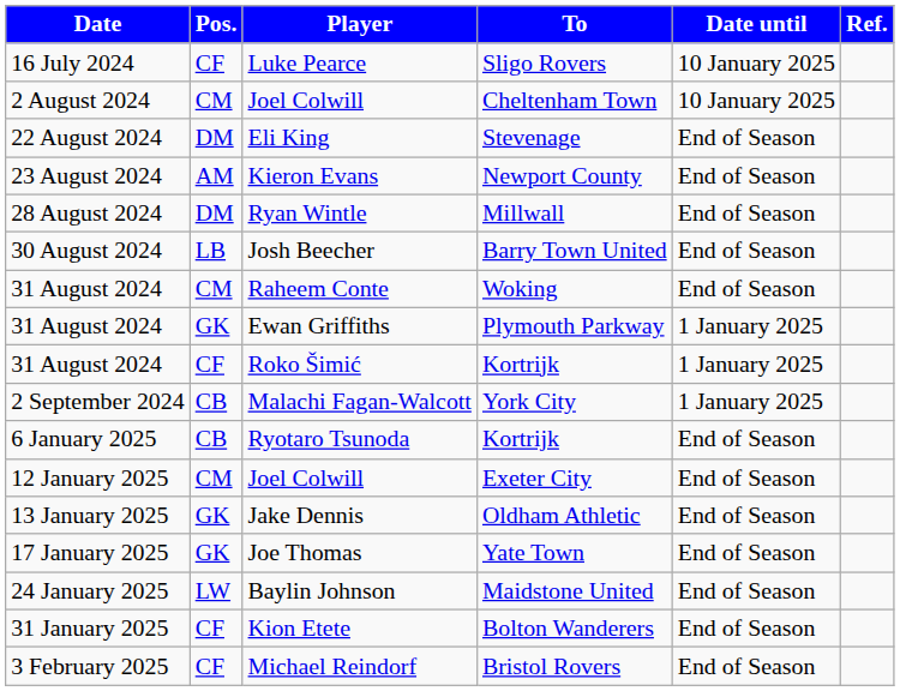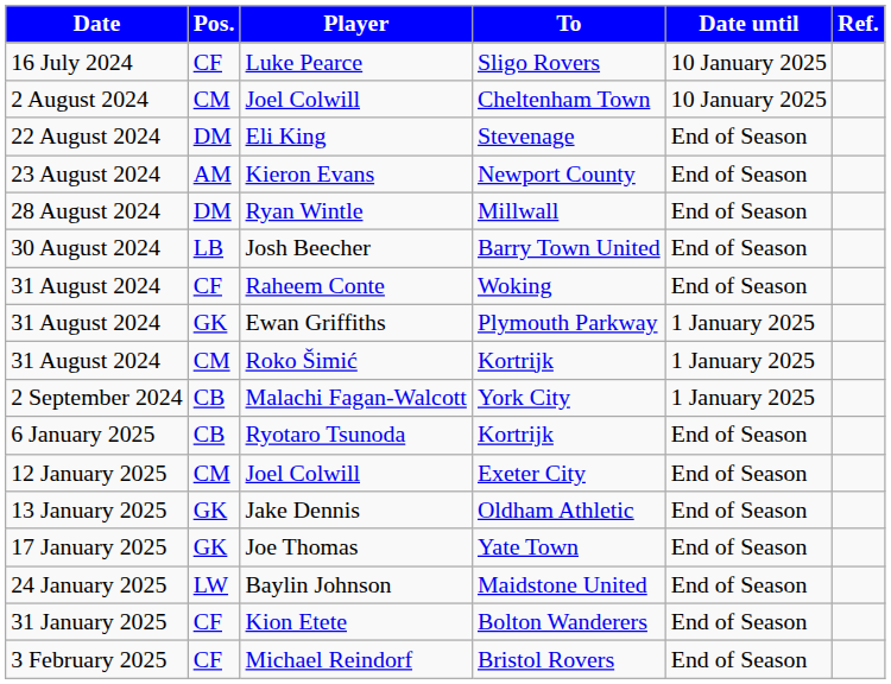 <table class="wikitable plainrowheaders sortable">
 <tr>
 <th style="background: blue; color: white; ">Date</th>
 <th style="background: blue; color: white; ">Pos.</th>
 <th style="background: blue; color: white; ">Player</th>
 <th style="background: blue; color: white; ">To</th>
 <th style="background: blue; color: white; ">Date until</th>
 <th style="background: blue; color: white; ">Ref.</th>
 </tr>
 <tr>
 <td>16 July 2024</td>
 <td><a href='#'>CF</a></td>
 <td> <a href='#'>Luke Pearce</a></td>
 <td> <a href='#'>Sligo Rovers</a></td>
 <td>10 January 2025</td>
 <td></td>
 </tr>
 <tr>
 <td>2 August 2024</td>
 <td><a href='#'>CM</a></td>
 <td> <a href='#'>Joel Colwill</a></td>
 <td> <a href='#'>Cheltenham Town</a></td>
 <td>10 January 2025</td>
 <td></td>
 </tr>
 <tr>
 <td>22 August 2024</td>
 <td><a href='#'>DM</a></td>
 <td> <a href='#'>Eli King</a></td>
 <td> <a href='#'>Stevenage</a></td>
 <td>End of Season</td>
 <td></td>
 </tr>
 <tr>
 <td>23 August 2024</td>
 <td><a href='#'>AM</a></td>
 <td> <a href='#'>Kieron Evans</a></td>
 <td> <a href='#'>Newport County</a></td>
 <td>End of Season</td>
 <td></td>
 </tr>
 <tr>
 <td>28 August 2024</td>
 <td><a href='#'>DM</a></td>
 <td> <a href='#'>Ryan Wintle</a></td>
 <td> <a href='#'>Millwall</a></td>
 <td>End of Season</td>
 <td></td>
 </tr>
 <tr>
 <td>30 August 2024</td>
 <td><a href='#'>LB</a></td>
 <td> Josh Beecher</td>
 <td> <a href='#'>Barry Town United</a></td>
 <td>End of Season</td>
 <td></td>
 </tr>
 <tr>
 <td>31 August 2024</td>
-<td><a href='#'>CM</a></td>
+<td><a href='#'>CF</a></td>
 <td> <a href='#'>Raheem Conte</a></td>
 <td> <a href='#'>Woking</a></td>
 <td>End of Season</td>
 <td></td>
 </tr>
 <tr>
 <td>31 August 2024</td>
 <td><a href='#'>GK</a></td>
 <td> Ewan Griffiths</td>
 <td> <a href='#'>Plymouth Parkway</a></td>
 <td>1 January 2025</td>
 <td></td>
 </tr>
 <tr>
 <td>31 August 2024</td>
-<td><a href='#'>CF</a></td>
+<td><a href='#'>CM</a></td>
 <td> <a href='#'>Roko Šimić</a></td>
 <td> <a href='#'>Kortrijk</a></td>
 <td>1 January 2025</td>
 <td></td>
 </tr>
 <tr>
 <td>2 September 2024</td>
 <td><a href='#'>CB</a></td>
 <td> <a href='#'>Malachi Fagan-Walcott</a></td>
 <td> <a href='#'>York City</a></td>
 <td>1 January 2025</td>
 <td></td>
 </tr>
 <tr>
 <td>6 January 2025</td>
 <td><a href='#'>CB</a></td>
 <td> <a href='#'>Ryotaro Tsunoda</a></td>
 <td> <a href='#'>Kortrijk</a></td>
 <td>End of Season</td>
 <td></td>
 </tr>
 <tr>
 <td>12 January 2025</td>
 <td><a href='#'>CM</a></td>
 <td> <a href='#'>Joel Colwill</a></td>
 <td> <a href='#'>Exeter City</a></td>
 <td>End of Season</td>
 <td></td>
 </tr>
 <tr>
 <td>13 January 2025</td>
 <td><a href='#'>GK</a></td>
 <td> Jake Dennis</td>
 <td> <a href='#'>Oldham Athletic</a></td>
 <td>End of Season</td>
 <td></td>
 </tr>
 <tr>
 <td>17 January 2025</td>
 <td><a href='#'>GK</a></td>
 <td> Joe Thomas</td>
 <td> <a href='#'>Yate Town</a></td>
 <td>End of Season</td>
 <td></td>
 </tr>
 <tr>
 <td>24 January 2025</td>
 <td><a href='#'>LW</a></td>
 <td> Baylin Johnson</td>
 <td> <a href='#'>Maidstone United</a></td>
 <td>End of Season</td>
 <td></td>
 </tr>
 <tr>
 <td>31 January 2025</td>
 <td><a href='#'>CF</a></td>
 <td> <a href='#'>Kion Etete</a></td>
 <td> <a href='#'>Bolton Wanderers</a></td>
 <td>End of Season</td>
 <td></td>
 </tr>
 <tr>
 <td>3 February 2025</td>
 <td><a href='#'>CF</a></td>
 <td> <a href='#'>Michael Reindorf</a></td>
 <td> <a href='#'>Bristol Rovers</a></td>
 <td>End of Season</td>
 <td></td>
 </tr>
 </table>
